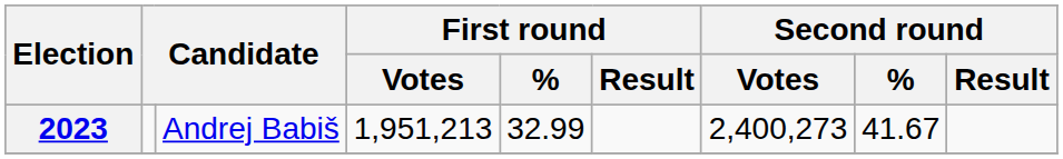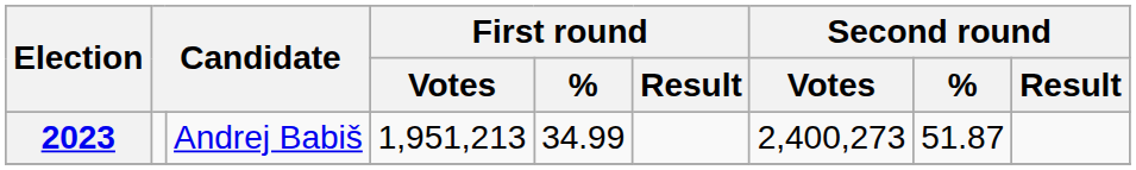 <table class="wikitable" style="text-align: center;">
 <tr>
 <th rowspan=2>Election</th>
 <th rowspan=2 colspan=2>Candidate</th>
 <th colspan=3>First round</th>
 <th colspan=3>Second round</th>
 </tr>
 <tr>
 <th>Votes</th>
 <th>%</th>
 <th>Result</th>
 <th>Votes</th>
 <th>%</th>
 <th>Result</th>
 </tr>
 <tr>
 <th><a href='#'>2023</a></th>
 <td style="background-color: "></td>
 <td><a href='#'>Andrej Babiš</a></td>
 <td>1,951,213</td>
-<td>32.99</td>
+<td>34.99</td>
 <td></td>
 <td>2,400,273</td>
-<td>41.67</td>
+<td>51.87</td>
 <td></td>
 </tr>
 <tr>
 </tr>
 </table>
